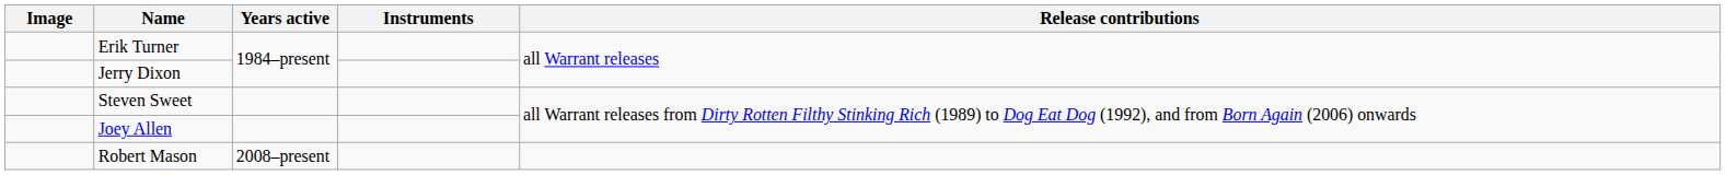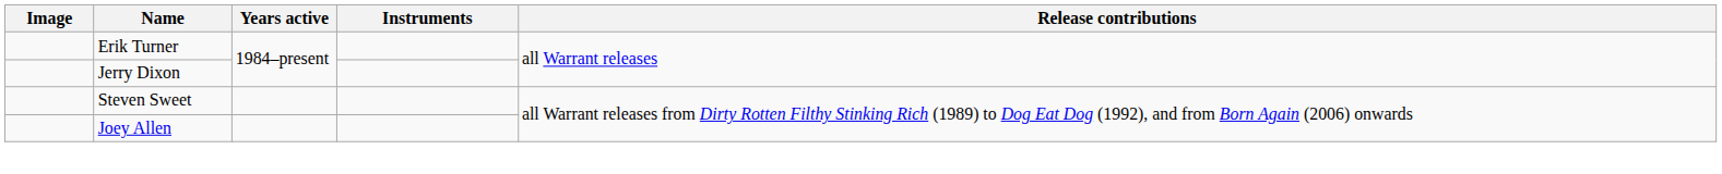 <table class="wikitable" border="1" width=100%>
 <tr>
 <th width="75">Image</th>
 <th width="120">Name</th>
 <th width="90">Years active</th>
 <th width="160">Instruments</th>
 <th>Release contributions</th>
 </tr>
 <tr>
 <td></td>
 <td>Erik Turner</td>
 <td rowspan="2">1984–present</td>
 <td></td>
 <td rowspan="2">all <a href='#'>Warrant releases</a></td>
 </tr>
 <tr>
 <td></td>
 <td>Jerry Dixon</td>
 <td></td>
 </tr>
 <tr>
 <td></td>
 <td>Steven Sweet</td>
 <td></td>
 <td></td>
 <td rowspan="2">all Warrant releases from <em><a href='#'>Dirty Rotten Filthy Stinking Rich</a></em> (1989) to <em><a href='#'>Dog Eat Dog</a></em> (1992), and from <em><a href='#'>Born Again</a></em> (2006) onwards</td>
 </tr>
 <tr>
 <td></td>
 <td><a href='#'>Joey Allen</a></td>
 <td></td>
 <td></td>
 </tr>
-<tr>
-<td></td>
-<td>Robert Mason</td>
-<td>2008–present</td>
-<td></td>
-<td></td>
-</tr>
 </table>
